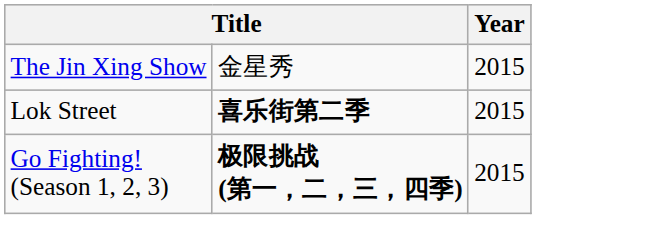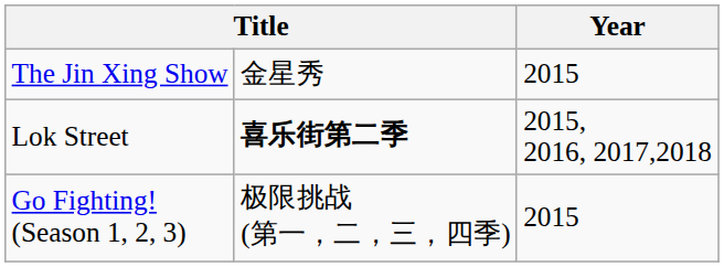 <table class="wikitable">
 <tr>
 <th colspan="2">Title</th>
 <th>Year</th>
 </tr>
 <tr>
 <td><a href='#'>The Jin Xing Show</a></td>
 <td>金星秀</td>
 <td>2015</td>
 </tr>
 <tr>
 <td>Lok Street</td>
 <td><strong>喜乐街第二季</strong></td>
-<td>2015</td>
+<td>2015,<br>2016, 2017,2018</td>
 </tr>
 <tr>
 <td><a href='#'>Go Fighting!</a><br>(Season 1, 2, 3)</td>
-<td><strong>极限挑战<br>(第一，二，三，四季)</strong></td>
+<td>极限挑战<br>(第一，二，三，四季)</td>
 <td>2015</td>
 </tr>
 </table>
